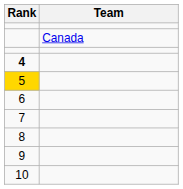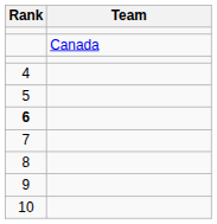 <table class="wikitable" style="text-align: center;">
 <tr>
 <th width=40>Rank</th>
 <th width=180>Team</th>
 </tr>
 <tr align=center>
 <td></td>
 <td style="text-align:left;"></td>
 </tr>
 <tr align=center>
 <td></td>
 <td style="text-align:left;"> <a href='#'>Canada</a></td>
 </tr>
 <tr align=center>
 <td></td>
 <td style="text-align:left;"></td>
 </tr>
 <tr align=center>
-<td><strong>4</strong></td>
+<td>4</td>
 <td style="text-align:left;"></td>
 </tr>
 <tr align=center>
-<td style="background: gold;">5</td>
+<td>5</td>
 <td style="text-align:left;"></td>
 </tr>
 <tr align=center>
-<td>6</td>
+<td><strong>6</strong></td>
 <td style="text-align:left;"></td>
 </tr>
 <tr align=center>
 <td>7</td>
 <td style="text-align:left;"></td>
 </tr>
 <tr align=center>
 <td>8</td>
 <td style="text-align:left;"></td>
 </tr>
 <tr align=center>
 <td>9</td>
 <td style="text-align:left;"></td>
 </tr>
 <tr align=center>
 <td>10</td>
 <td style="text-align:left;"></td>
 </tr>
 </table>
